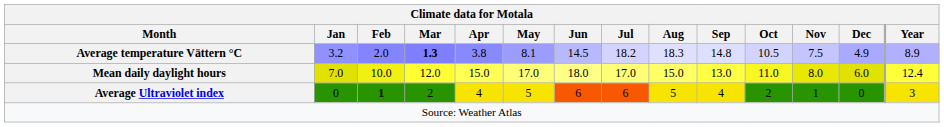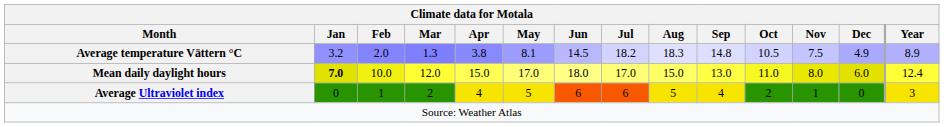 <table style="width:100%;text-align:center;line-height:1.2em;margin-left:auto;margin-right:auto" class="wikitable mw-collapsible">
 <tr>
 <th Colspan=14>Climate data for Motala</th>
 </tr>
 <tr>
 <th>Month</th>
 <th>Jan</th>
 <th>Feb</th>
 <th>Mar</th>
 <th>Apr</th>
 <th>May</th>
 <th>Jun</th>
 <th>Jul</th>
 <th>Aug</th>
 <th>Sep</th>
 <th>Oct</th>
 <th>Nov</th>
 <th>Dec</th>
 <th style="border-left-width:medium">Year</th>
 </tr>
 <tr>
 <th>Average temperature Vättern °C</th>
 <td style="background:#9090FF;color:#000000;">3.2<br></td>
 <td style="background:#8484FF;color:#000000;">2.0<br></td>
-<td style="background:#7E7EFF;color:#000000;"><strong>1.3<br></strong></td>
+<td style="background:#7E7EFF;color:#000000;">1.3<br></td>
 <td style="background:#8888FF;color:#000000;">3.8<br></td>
 <td style="background:#9C9CFF;color:#000000;">8.1<br></td>
 <td style="background:#B8B8FF;color:#000000;">14.5<br></td>
 <td style="background:#D3D3FF;color:#000000;">18.2<br></td>
 <td style="background:#DFDFFF;color:#000000;">18.3<br></td>
 <td style="background:#DEDEFF;color:#000000;">14.8<br></td>
 <td style="background:#D3D3FF;color:#000000;">10.5<br></td>
 <td style="background:#C4C4FF;color:#000000;">7.5<br></td>
 <td style="background:#A9A9FF;color:#000000;">4.9<br></td>
 <td style="background:#B0B0FF;color:#000000;border-left-width:medium">8.9<br></td>
 </tr>
 <tr>
 <th>Mean daily daylight hours</th>
-<td style="background:#E2E200;color:#000000;">7.0</td>
+<td style="background:#E2E200;color:#000000;"><strong>7.0</strong></td>
 <td style="background:#F0F011;color:#000000;">10.0</td>
 <td style="background:#FFFF33;color:#000000;">12.0</td>
 <td style="background:#FFFF55;color:#000000;">15.0</td>
 <td style="background:#FFFF77;color:#000000;">17.0</td>
 <td style="background:#FFFF88;color:#000000;">18.0</td>
 <td style="background:#FFFF77;color:#000000;">17.0</td>
 <td style="background:#FFFF66;color:#000000;">15.0</td>
 <td style="background:#FFFF44;color:#000000;">13.0</td>
 <td style="background:#F7F722;color:#000000;">11.0</td>
 <td style="background:#E9E900;color:#000000;">8.0</td>
 <td style="background:#E2E200;color:#000000;">6.0</td>
 <td style="background:#FFFF3A;color:#000000;border-left-width:medium">12.4</td>
 </tr>
 <tr>
 <th>Average <a href='#'>Ultraviolet index</a></th>
 <td style="background:#289500;color:#000000;">0</td>
-<td style="background:#289500;color:#000000;"><strong>1</strong></td>
+<td style="background:#289500;color:#000000;">1</td>
 <td style="background:#289500;color:#000000;">2</td>
 <td style="background:#f7e400;color:#000000;">4</td>
 <td style="background:#f7e400;color:#000000;">5</td>
 <td style="background:#f85900;color:#000000;">6</td>
 <td style="background:#f85900;color:#000000;">6</td>
 <td style="background:#f7e400;color:#000000;">5</td>
 <td style="background:#f7e400;color:#000000;">4</td>
 <td style="background:#289500;color:#000000;">2</td>
 <td style="background:#289500;color:#000000;">1</td>
 <td style="background:#289500;color:#000000;">0</td>
 <td style="background:#f7e400;color:#000000;border-left-width:medium">3</td>
 </tr>
 <tr>
 <th Colspan=14 style="background:#f8f9fa;font-weight:normal;font-size:95%;">Source: Weather Atlas</th>
 </tr>
 </table>
